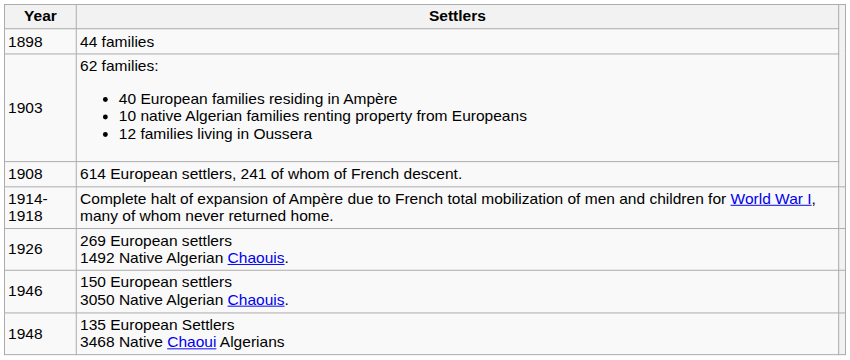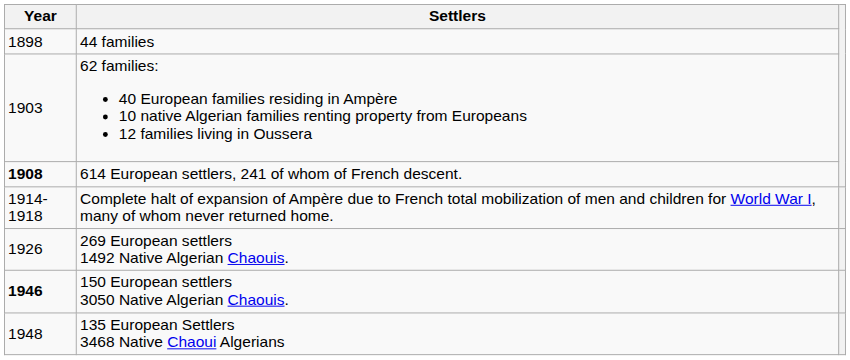 <table class="wikitable">
 <tr>
 <th>Year</th>
 <th>Settlers</th>
 <th rowspan="4"></th>
 </tr>
 <tr>
 <td>1898</td>
 <td>44 families</td>
 </tr>
 <tr>
 <td>1903</td>
 <td>62 families:<br><ul><li>40 European families residing in Ampère</li><li>10 native Algerian families renting property from Europeans</li><li>12 families living in Oussera</li></ul></td>
 </tr>
 <tr>
-<td>1908</td>
+<td><strong>1908</strong></td>
 <td>614 European settlers, 241 of whom of French descent.</td>
 </tr>
 <tr>
 <td>1914-1918</td>
 <td>Complete halt of expansion of Ampère due to French total mobilization of men and children for <a href='#'>World War I</a>, many of whom never returned home.</td>
 <th></th>
 </tr>
 <tr>
 <td>1926</td>
 <td>269 European settlers<br>1492 Native Algerian <a href='#'>Chaouis</a>.</td>
 <th></th>
 </tr>
 <tr>
-<td>1946</td>
+<td><strong>1946</strong></td>
 <td>150 European settlers<br>3050 Native Algerian <a href='#'>Chaouis</a>.</td>
 <th></th>
 </tr>
 <tr>
 <td>1948</td>
 <td>135 European Settlers<br>3468 Native <a href='#'>Chaoui</a> Algerians</td>
 <th></th>
 </tr>
 </table>
